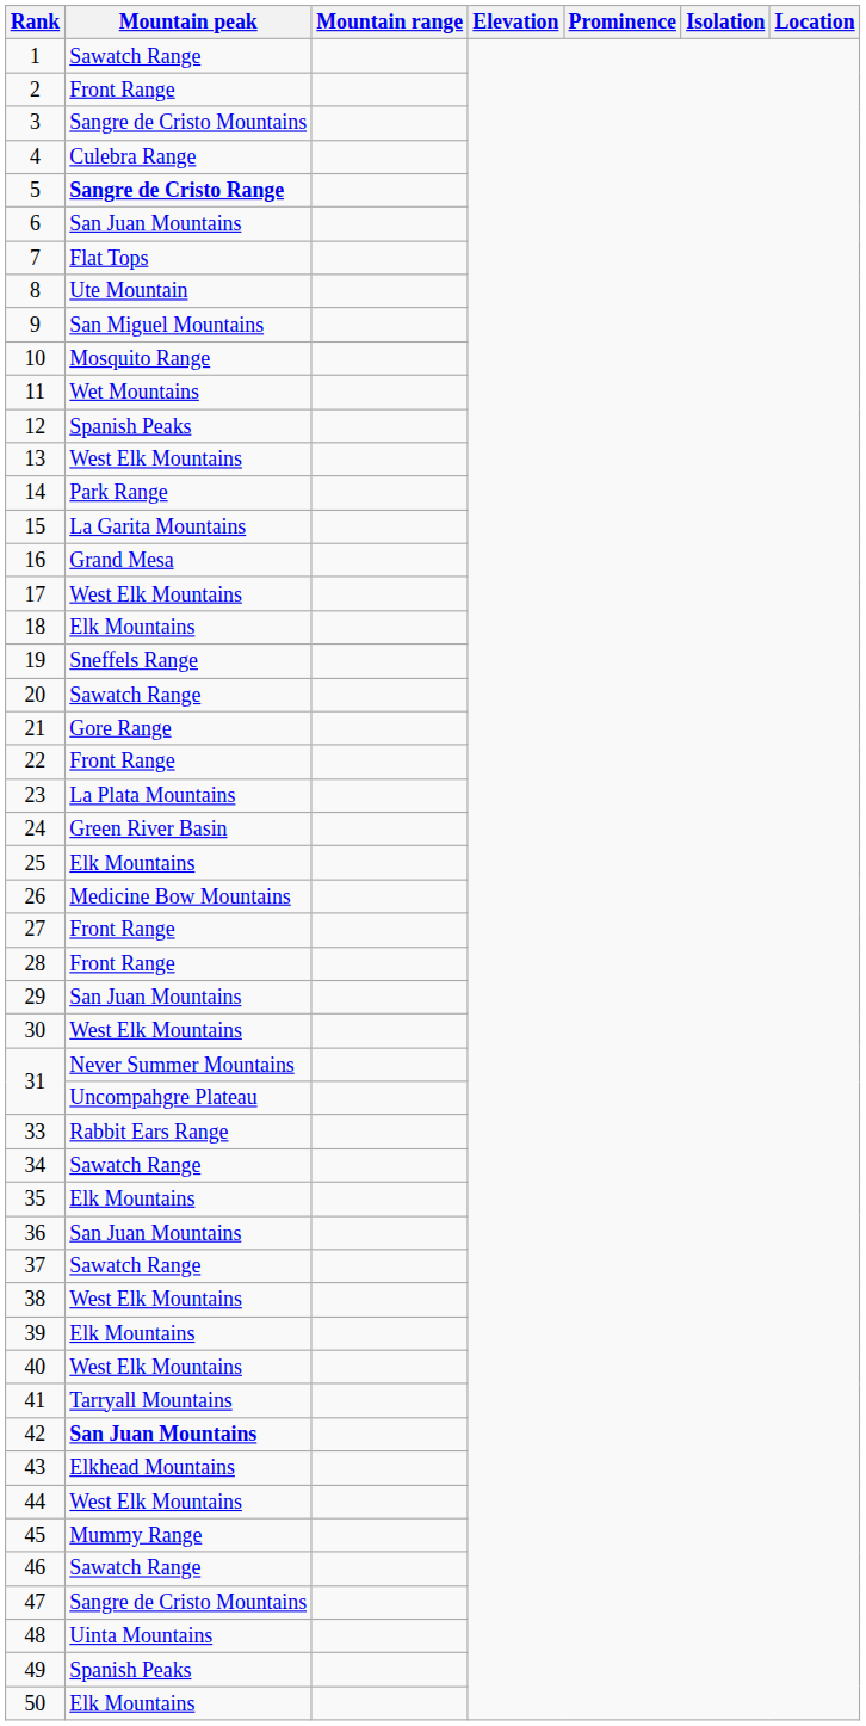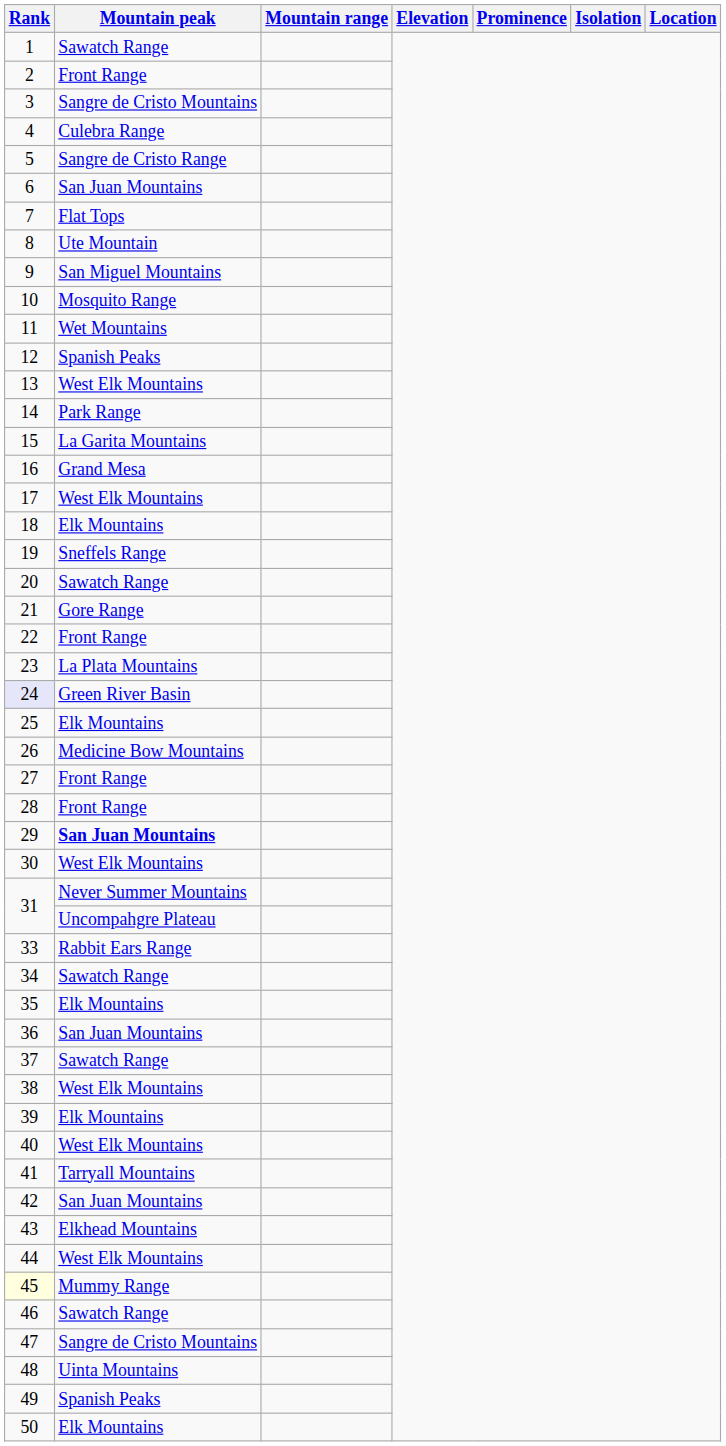 <table class="wikitable sortable">
 <tr>
 <th><a href='#'>Rank</a></th>
 <th><a href='#'>Mountain peak</a></th>
 <th><a href='#'>Mountain range</a></th>
 <th><a href='#'>Elevation</a></th>
 <th><a href='#'>Prominence</a></th>
 <th><a href='#'>Isolation</a></th>
 <th><a href='#'>Location</a></th>
 </tr>
 <tr>
 <td align=center>1<br></td>
 <td><a href='#'>Sawatch Range</a><br></td>
 <td></td>
 </tr>
 <tr>
 <td align=center>2<br></td>
 <td><a href='#'>Front Range</a><br></td>
 <td></td>
 </tr>
 <tr>
 <td align=center>3<br></td>
 <td><a href='#'>Sangre de Cristo Mountains</a><br></td>
 <td></td>
 </tr>
 <tr>
 <td align=center>4<br></td>
 <td><a href='#'>Culebra Range</a><br></td>
 <td></td>
 </tr>
 <tr>
 <td align=center>5<br></td>
-<td><strong><a href='#'>Sangre de Cristo Range</a><br></strong></td>
+<td><a href='#'>Sangre de Cristo Range</a><br></td>
 <td></td>
 </tr>
 <tr>
 <td align=center>6<br></td>
 <td><a href='#'>San Juan Mountains</a><br></td>
 <td></td>
 </tr>
 <tr>
 <td align=center>7<br></td>
 <td><a href='#'>Flat Tops</a><br></td>
 <td></td>
 </tr>
 <tr>
 <td align=center>8<br></td>
 <td><a href='#'>Ute Mountain</a><br></td>
 <td></td>
 </tr>
 <tr>
 <td align=center>9<br></td>
 <td><a href='#'>San Miguel Mountains</a><br></td>
 <td></td>
 </tr>
 <tr>
 <td align=center>10<br></td>
 <td><a href='#'>Mosquito Range</a><br></td>
 <td></td>
 </tr>
 <tr>
 <td align=center>11<br></td>
 <td><a href='#'>Wet Mountains</a><br></td>
 <td></td>
 </tr>
 <tr>
 <td align=center>12<br></td>
 <td><a href='#'>Spanish Peaks</a><br></td>
 <td></td>
 </tr>
 <tr>
 <td align=center>13<br></td>
 <td><a href='#'>West Elk Mountains</a><br></td>
 <td></td>
 </tr>
 <tr>
 <td align=center>14<br></td>
 <td><a href='#'>Park Range</a><br></td>
 <td></td>
 </tr>
 <tr>
 <td align=center>15<br></td>
 <td><a href='#'>La Garita Mountains</a><br></td>
 <td></td>
 </tr>
 <tr>
 <td align=center>16<br></td>
 <td><a href='#'>Grand Mesa</a><br></td>
 <td></td>
 </tr>
 <tr>
 <td align=center>17<br></td>
 <td><a href='#'>West Elk Mountains</a><br></td>
 <td></td>
 </tr>
 <tr>
 <td align=center>18<br></td>
 <td><a href='#'>Elk Mountains</a><br></td>
 <td></td>
 </tr>
 <tr>
 <td align=center>19<br></td>
 <td><a href='#'>Sneffels Range</a><br></td>
 <td></td>
 </tr>
 <tr>
 <td align=center>20<br></td>
 <td><a href='#'>Sawatch Range</a><br></td>
 <td></td>
 </tr>
 <tr>
 <td align=center>21<br></td>
 <td><a href='#'>Gore Range</a><br></td>
 <td></td>
 </tr>
 <tr>
 <td align=center>22<br></td>
 <td><a href='#'>Front Range</a><br></td>
 <td></td>
 </tr>
 <tr>
 <td align=center>23<br></td>
 <td><a href='#'>La Plata Mountains</a><br></td>
 <td></td>
 </tr>
 <tr>
-<td align=center>24<br></td>
+<td align=center style="background: lavender;">24<br></td>
 <td><a href='#'>Green River Basin</a><br></td>
 <td></td>
 </tr>
 <tr>
 <td align=center>25<br></td>
 <td><a href='#'>Elk Mountains</a><br></td>
 <td></td>
 </tr>
 <tr>
 <td align=center>26<br></td>
 <td><a href='#'>Medicine Bow Mountains</a><br></td>
 <td></td>
 </tr>
 <tr>
 <td align=center>27<br></td>
 <td><a href='#'>Front Range</a><br></td>
 <td></td>
 </tr>
 <tr>
 <td align=center>28<br></td>
 <td><a href='#'>Front Range</a><br></td>
 <td></td>
 </tr>
 <tr>
 <td align=center>29<br></td>
-<td><a href='#'>San Juan Mountains</a><br></td>
+<td><strong><a href='#'>San Juan Mountains</a><br></strong></td>
 <td></td>
 </tr>
 <tr>
 <td align=center>30<br></td>
 <td><a href='#'>West Elk Mountains</a><br></td>
 <td></td>
 </tr>
 <tr>
 <td align=center rowspan=2>31<br></td>
 <td><a href='#'>Never Summer Mountains</a><br></td>
 <td></td>
 </tr>
 <tr>
 <td><a href='#'>Uncompahgre Plateau</a><br></td>
 <td></td>
 </tr>
 <tr>
 <td align=center>33<br></td>
 <td><a href='#'>Rabbit Ears Range</a><br></td>
 <td></td>
 </tr>
 <tr>
 <td align=center>34<br></td>
 <td><a href='#'>Sawatch Range</a><br></td>
 <td></td>
 </tr>
 <tr>
 <td align=center>35<br></td>
 <td><a href='#'>Elk Mountains</a><br></td>
 <td></td>
 </tr>
 <tr>
 <td align=center>36<br></td>
 <td><a href='#'>San Juan Mountains</a><br></td>
 <td></td>
 </tr>
 <tr>
 <td align=center>37<br></td>
 <td><a href='#'>Sawatch Range</a><br></td>
 <td></td>
 </tr>
 <tr>
 <td align=center>38<br></td>
 <td><a href='#'>West Elk Mountains</a><br></td>
 <td></td>
 </tr>
 <tr>
 <td align=center>39<br></td>
 <td><a href='#'>Elk Mountains</a><br></td>
 <td></td>
 </tr>
 <tr>
 <td align=center>40<br></td>
 <td><a href='#'>West Elk Mountains</a><br></td>
 <td></td>
 </tr>
 <tr>
 <td align=center>41<br></td>
 <td><a href='#'>Tarryall Mountains</a><br></td>
 <td></td>
 </tr>
 <tr>
 <td align=center>42<br></td>
-<td><strong><a href='#'>San Juan Mountains</a><br></strong></td>
+<td><a href='#'>San Juan Mountains</a><br></td>
 <td></td>
 </tr>
 <tr>
 <td align=center>43<br></td>
 <td><a href='#'>Elkhead Mountains</a><br></td>
 <td></td>
 </tr>
 <tr>
 <td align=center>44<br></td>
 <td><a href='#'>West Elk Mountains</a><br></td>
 <td></td>
 </tr>
 <tr>
-<td align=center>45<br></td>
+<td align=center style="background: lightyellow;">45<br></td>
 <td><a href='#'>Mummy Range</a><br></td>
 <td></td>
 </tr>
 <tr>
 <td align=center>46<br></td>
 <td><a href='#'>Sawatch Range</a><br></td>
 <td></td>
 </tr>
 <tr>
 <td align=center>47<br></td>
 <td><a href='#'>Sangre de Cristo Mountains</a><br></td>
 <td></td>
 </tr>
 <tr>
 <td align=center>48<br></td>
 <td><a href='#'>Uinta Mountains</a><br></td>
 <td></td>
 </tr>
 <tr>
 <td align=center>49<br></td>
 <td><a href='#'>Spanish Peaks</a><br></td>
 <td></td>
 </tr>
 <tr>
 <td align=center>50<br></td>
 <td><a href='#'>Elk Mountains</a><br></td>
 <td></td>
 </tr>
 </table>
